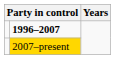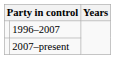 <table class="wikitable">
 <tr>
 <th colspan="2">Party in control</th>
 <th>Years</th>
 </tr>
 <tr>
 <td></td>
-<td><strong>1996–2007</strong></td>
+<td>1996–2007</td>
 </tr>
 <tr>
 <td></td>
-<td style="background: gold;">2007–present</td>
+<td>2007–present</td>
 </tr>
 </table>
